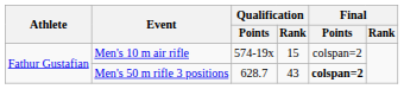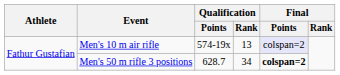 <table class="wikitable" style="font-size:90%">
 <tr>
 <th rowspan="2">Athlete</th>
 <th rowspan="2">Event</th>
 <th colspan=2>Qualification</th>
 <th colspan=2>Final</th>
 </tr>
 <tr style="font-size:95%">
 <th>Points</th>
 <th>Rank</th>
 <th>Points</th>
 <th>Rank</th>
 </tr>
 <tr align=center>
 <td align=left rowspan=2><a href='#'>Fathur Gustafian</a></td>
 <td align=left><a href='#'>Men's 10 m air rifle</a></td>
 <td>574-19x</td>
-<td>15</td>
-<td>colspan=2 </td>
+<td>13</td>
+<td style="background: lavender;">colspan=2 </td>
 </tr>
 <tr align=center>
 <td align=left><a href='#'>Men's 50 m rifle 3 positions</a></td>
 <td>628.7</td>
-<td>43</td>
+<td>34</td>
 <td><strong>colspan=2 </strong></td>
 </tr>
 </table>
